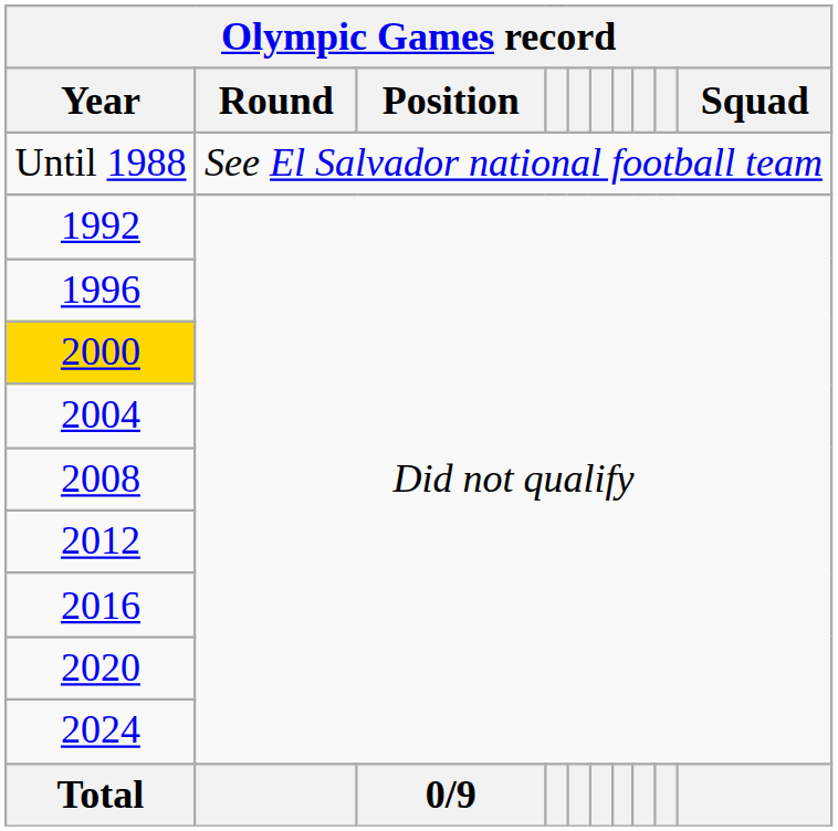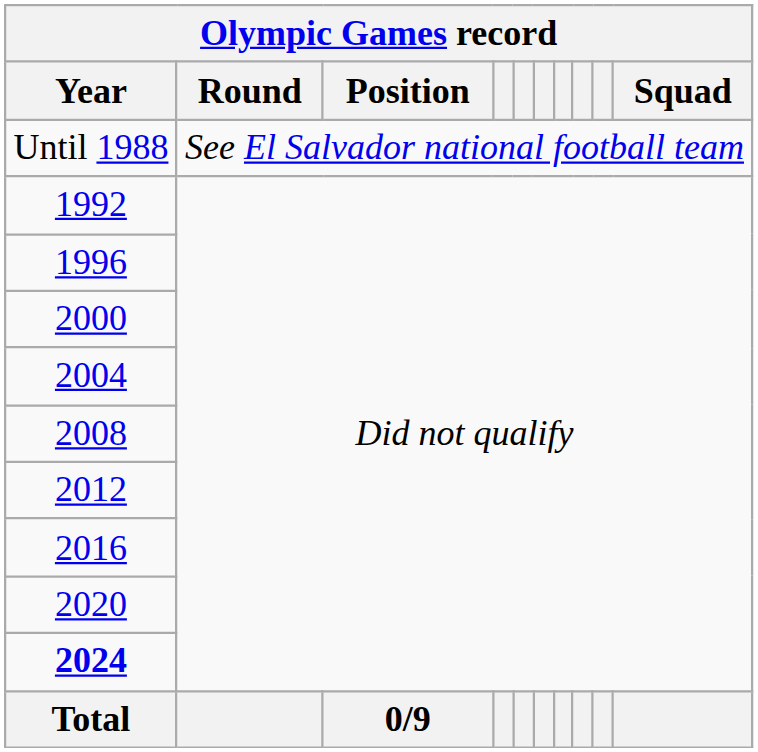 <table class="wikitable" style="text-align: center;">
 <tr>
 <th colspan=10><a href='#'>Olympic Games</a> record</th>
 </tr>
 <tr>
 <th>Year</th>
 <th>Round</th>
 <th>Position</th>
 <th></th>
 <th></th>
 <th></th>
 <th></th>
 <th></th>
 <th></th>
 <th>Squad</th>
 </tr>
 <tr>
 <td>Until <a href='#'>1988</a></td>
 <td colspan=9><em>See <a href='#'>El Salvador national football team</a></em></td>
 </tr>
 <tr>
 <td> <a href='#'>1992</a></td>
 <td colspan=9 rowspan=9><em>Did not qualify</em></td>
 </tr>
 <tr>
 <td> <a href='#'>1996</a></td>
 </tr>
 <tr>
-<td style="background: gold;"> <a href='#'>2000</a></td>
+<td> <a href='#'>2000</a></td>
 </tr>
 <tr>
 <td> <a href='#'>2004</a></td>
 </tr>
 <tr>
 <td> <a href='#'>2008</a></td>
 </tr>
 <tr>
 <td> <a href='#'>2012</a></td>
 </tr>
 <tr>
 <td> <a href='#'>2016</a></td>
 </tr>
 <tr>
 <td> <a href='#'>2020</a></td>
 </tr>
 <tr>
-<td> <a href='#'>2024</a></td>
+<td><strong> <a href='#'>2024</a></strong></td>
 </tr>
 <tr>
 <th>Total</th>
 <th></th>
 <th>0/9</th>
 <th></th>
 <th></th>
 <th></th>
 <th></th>
 <th></th>
 <th></th>
 <th></th>
 </tr>
 </table>
